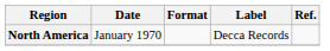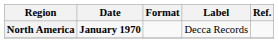 <table class="wikitable plainrowheaders">
 <tr>
 <th scope="col">Region</th>
 <th scope="col">Date</th>
 <th scope="col">Format</th>
 <th scope="col">Label</th>
 <th scope="col">Ref.</th>
 </tr>
 <tr>
 <th scope="row">North America</th>
-<td>January 1970</td>
+<td><strong>January 1970</strong></td>
 <td></td>
 <td>Decca Records</td>
 <td></td>
 </tr>
 <tr>
 </tr>
 </table>
